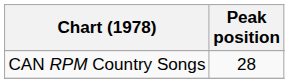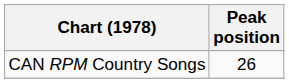 <table class="wikitable sortable">
 <tr>
 <th align="left">Chart (1978)</th>
 <th align="center">Peak<br>position</th>
 </tr>
 <tr>
 </tr>
 <tr>
 <td align="left">CAN <em>RPM</em> Country Songs</td>
-<td align="center">28</td>
+<td align="center">26</td>
 </tr>
 <tr>
 </tr>
 </table>
